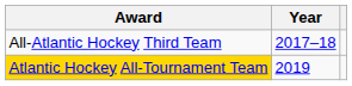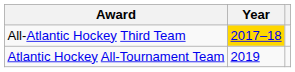 <table class="wikitable">
 <tr>
 <th>Award</th>
 <th>Year</th>
 <th></th>
 </tr>
 <tr>
 <td>All-<a href='#'>Atlantic Hockey</a> <a href='#'>Third Team</a></td>
-<td><a href='#'>2017–18</a></td>
+<td style="background: gold;"><a href='#'>2017–18</a></td>
 <td></td>
 </tr>
 <tr>
-<td style="background: gold;"><a href='#'>Atlantic Hockey</a> <a href='#'>All-Tournament Team</a></td>
+<td><a href='#'>Atlantic Hockey</a> <a href='#'>All-Tournament Team</a></td>
 <td><a href='#'>2019</a></td>
 <td></td>
 </tr>
 </table>
